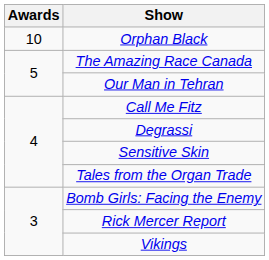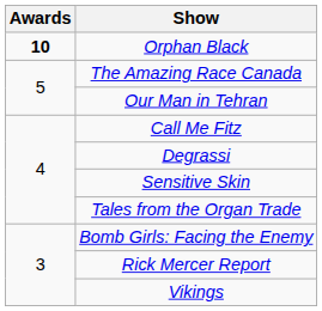 <table class="wikitable" rowspan="2" style="text-align:center;" background: #f6e39c;>
 <tr>
 <th scope="col">Awards</th>
 <th scope="col">Show</th>
 </tr>
 <tr>
-<td>10</td>
+<td><strong>10</strong></td>
 <td><em><a href='#'>Orphan Black</a></em></td>
 </tr>
 <tr>
 <td rowspan=2 style="text-align:center;">5</td>
 <td><em><a href='#'>The Amazing Race Canada</a></em></td>
 </tr>
 <tr>
 <td><em><a href='#'>Our Man in Tehran</a></em></td>
 </tr>
 <tr>
 <td rowspan=4 style="text-align:center;">4</td>
 <td><em><a href='#'>Call Me Fitz</a></em></td>
 </tr>
 <tr>
 <td><em><a href='#'>Degrassi</a></em></td>
 </tr>
 <tr>
 <td><em><a href='#'>Sensitive Skin</a></em></td>
 </tr>
 <tr>
 <td><em><a href='#'>Tales from the Organ Trade</a></em></td>
 </tr>
 <tr>
 <td rowspan=3 style="text-align:center;">3</td>
 <td><em><a href='#'>Bomb Girls: Facing the Enemy</a></em></td>
 </tr>
 <tr>
 <td><em><a href='#'>Rick Mercer Report</a></em></td>
 </tr>
 <tr>
 <td><em><a href='#'>Vikings</a></em></td>
 </tr>
 </table>
